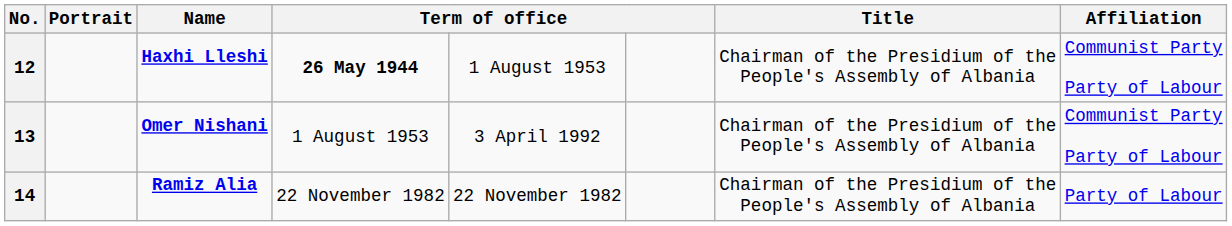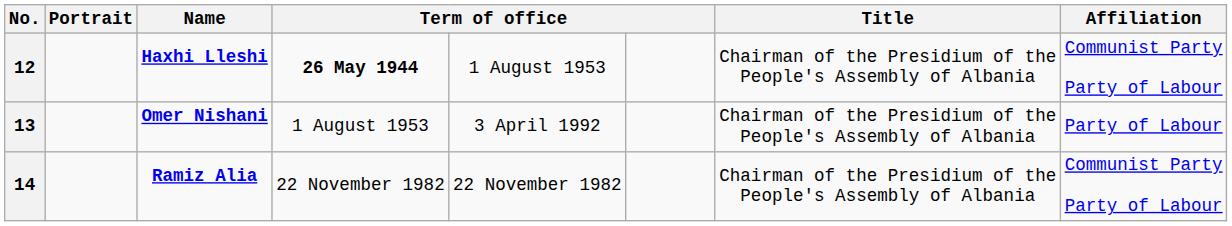 <table class="wikitable" style="text-align:center;">
 <tr>
 <th>No.</th>
 <th>Portrait</th>
 <th>Name</th>
 <th colspan="3">Term of office</th>
 <th>Title</th>
 <th>Affiliation</th>
 </tr>
 <tr>
 <th style="background:">12</th>
 <td></td>
 <td><strong><a href='#'>Haxhi Lleshi</a></strong><br><br></td>
 <td><strong>26 May 1944</strong></td>
 <td>1 August 1953</td>
 <td width="60px"><em></em></td>
 <td>Chairman of the Presidium of the<br>People's Assembly of Albania</td>
 <td><a href='#'>Communist Party</a><br><br><a href='#'>Party of Labour</a></td>
 </tr>
 <tr>
 <th style="background:">13</th>
 <td></td>
 <td><strong><a href='#'>Omer Nishani</a></strong><br><br></td>
 <td>1 August 1953</td>
 <td>3 April 1992</td>
 <td><em></em></td>
 <td>Chairman of the Presidium of the<br>People's Assembly of Albania</td>
-<td><a href='#'>Communist Party</a><br><br><a href='#'>Party of Labour</a></td>
+<td><a href='#'>Party of Labour</a></td>
 </tr>
 <tr>
 <th style="background:">14</th>
 <td></td>
 <td><strong><a href='#'>Ramiz Alia</a></strong><br><br></td>
 <td>22 November 1982</td>
 <td>22 November 1982</td>
 <td><em></em></td>
 <td>Chairman of the Presidium of the<br>People's Assembly of Albania</td>
-<td><a href='#'>Party of Labour</a></td>
+<td><a href='#'>Communist Party</a><br><br><a href='#'>Party of Labour</a></td>
 </tr>
 </table>
